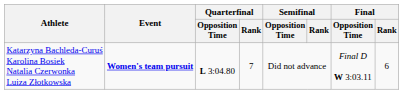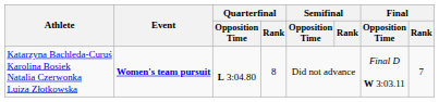 <table class="wikitable" style="font-size:90%">
 <tr>
 <th rowspan="2">Athlete</th>
 <th rowspan="2">Event</th>
 <th colspan=2>Quarterfinal</th>
 <th colspan=2>Semifinal</th>
 <th colspan="2">Final</th>
 </tr>
 <tr style="font-size:95%">
 <th>Opposition<br>Time</th>
 <th>Rank</th>
 <th>Opposition<br>Time</th>
 <th>Rank</th>
 <th>Opposition<br>Time</th>
 <th>Rank</th>
 </tr>
 <tr align=center>
 <td align=left><a href='#'>Katarzyna Bachleda-Curuś</a><br><a href='#'>Karolina Bosiek</a><br><a href='#'>Natalia Czerwonka</a><br><a href='#'>Luiza Złotkowska</a></td>
 <td align=left><strong><a href='#'>Women's team pursuit</a></strong></td>
 <td><br><strong>L</strong> 3:04.80</td>
-<td>7</td>
+<td>8</td>
 <td colspan=2>Did not advance</td>
 <td><em>Final D</em><br><br><strong>W</strong> 3:03.11</td>
-<td>6</td>
+<td>7</td>
 </tr>
 </table>
